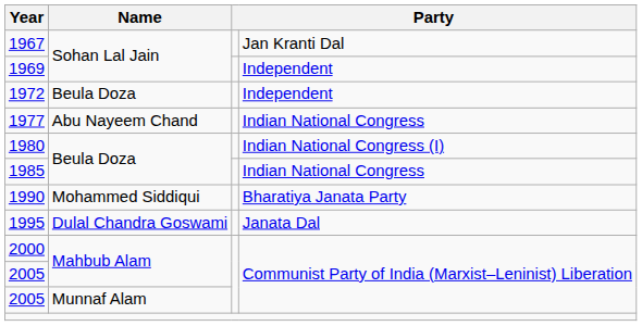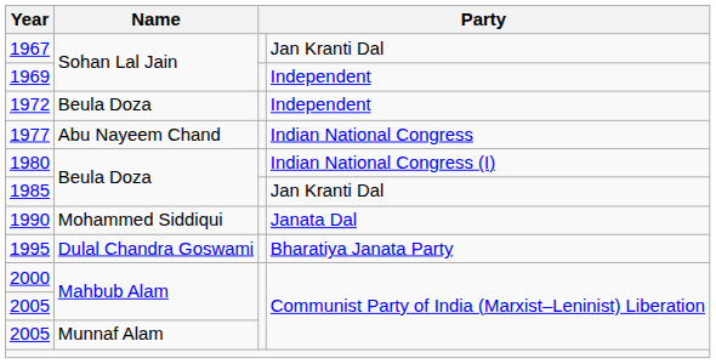 <table class="wikitable">
 <tr>
 <th>Year</th>
 <th>Name</th>
 <th colspan="2">Party</th>
 </tr>
 <tr>
 <td><a href='#'>1967</a></td>
 <td rowspan="2">Sohan Lal Jain</td>
 <td style="background-color: "></td>
 <td>Jan Kranti Dal</td>
 </tr>
 <tr>
 <td><a href='#'>1969</a></td>
 <td style="background-color: "></td>
 <td><a href='#'>Independent</a></td>
 </tr>
 <tr>
 <td><a href='#'>1972</a></td>
 <td>Beula Doza</td>
 <td style="background-color: "></td>
 <td><a href='#'>Independent</a></td>
 </tr>
 <tr>
 <td><a href='#'>1977</a></td>
 <td>Abu Nayeem Chand</td>
 <td style="background-color: "></td>
 <td><a href='#'>Indian National Congress</a></td>
 </tr>
 <tr>
 <td><a href='#'>1980</a></td>
 <td rowspan="2">Beula Doza</td>
 <td style="background-color: "></td>
 <td><a href='#'>Indian National Congress (I)</a></td>
 </tr>
 <tr>
 <td><a href='#'>1985</a></td>
 <td style="background-color: "></td>
-<td><a href='#'>Indian National Congress</a></td>
+<td>Jan Kranti Dal</td>
 </tr>
 <tr>
 <td><a href='#'>1990</a></td>
 <td>Mohammed Siddiqui</td>
 <td style="background-color: "></td>
-<td><a href='#'>Bharatiya Janata Party</a></td>
+<td><a href='#'>Janata Dal</a></td>
 </tr>
 <tr>
 <td><a href='#'>1995</a></td>
 <td><a href='#'>Dulal Chandra Goswami</a></td>
 <td style="background-color: "></td>
-<td><a href='#'>Janata Dal</a></td>
+<td><a href='#'>Bharatiya Janata Party</a></td>
 </tr>
 <tr>
 <td><a href='#'>2000</a></td>
 <td rowspan="2"><a href='#'>Mahbub Alam</a></td>
 <td rowspan="3" style="background-color: "></td>
 <td rowspan="3"><a href='#'>Communist Party of India (Marxist–Leninist) Liberation</a></td>
 </tr>
 <tr>
 <td><a href='#'>2005</a></td>
 </tr>
 <tr>
 <td><a href='#'>2005</a></td>
 <td>Munnaf Alam</td>
 </tr>
 <tr>
 <td colspan="4"></td>
 </tr>
 </table>
